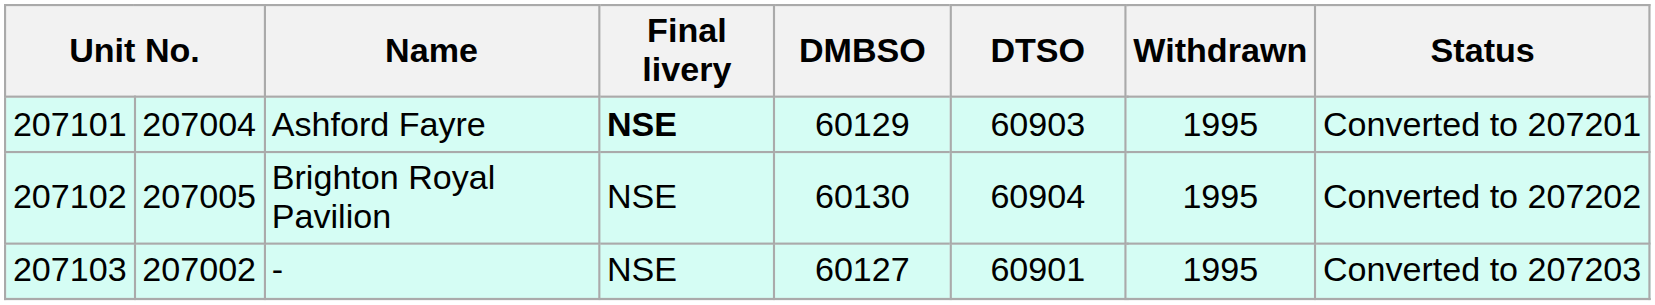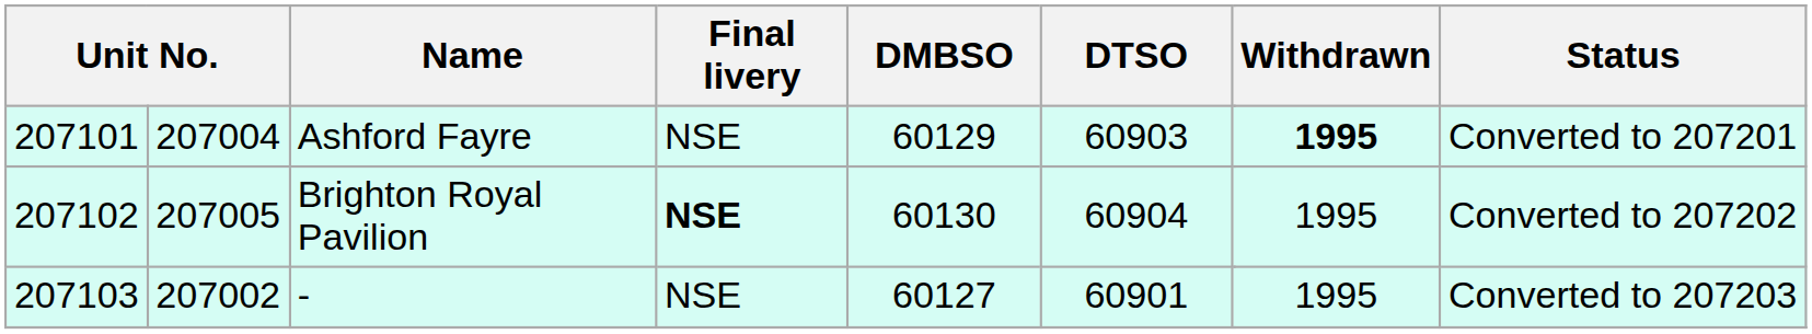 <table class="wikitable">
 <tr>
 <th colspan=2>Unit No.</th>
 <th width=150 align=left>Name</th>
 <th width=75 align=left>Final livery</th>
 <th width=75 colspan=3>DMBSO</th>
 <th width=75 colspan=3>DTSO</th>
 <th align=left>Withdrawn</th>
 <th width=150 align=left>Status</th>
 </tr>
 <tr>
 <td width=50 style="background-color:#d5fdf4" align=center>207101</td>
 <td width=50 style="background-color:#d5fdf4" align=center>207004</td>
 <td style="background-color:#d5fdf4" align=left>Ashford Fayre</td>
-<td style="background-color:#d5fdf4"><strong>NSE</strong></td>
+<td style="background-color:#d5fdf4">NSE</td>
 <td style="background-color:#d5fdf4" align=center colspan=3>60129</td>
 <td style="background-color:#d5fdf4" align=center colspan=3>60903</td>
-<td style="background-color:#d5fdf4" align=center>1995</td>
+<td style="background-color:#d5fdf4" align=center><strong>1995</strong></td>
 <td style="background-color:#d5fdf4" align=left>Converted to 207201</td>
 </tr>
 <tr>
 <td style="background-color:#d5fdf4" align=center>207102</td>
 <td style="background-color:#d5fdf4" align=center>207005</td>
 <td style="background-color:#d5fdf4" align=left>Brighton Royal Pavilion</td>
-<td style="background-color:#d5fdf4">NSE</td>
+<td style="background-color:#d5fdf4"><strong>NSE</strong></td>
 <td style="background-color:#d5fdf4" align=center colspan=3>60130</td>
 <td style="background-color:#d5fdf4" align=center colspan=3>60904</td>
 <td style="background-color:#d5fdf4" align=center>1995</td>
 <td style="background-color:#d5fdf4" align=left>Converted to 207202</td>
 </tr>
 <tr>
 <td style="background-color:#d5fdf4" align=center>207103</td>
 <td style="background-color:#d5fdf4" align=center>207002</td>
 <td style="background-color:#d5fdf4" align=left>-</td>
 <td style="background-color:#d5fdf4">NSE</td>
 <td style="background-color:#d5fdf4" align=center colspan=3>60127</td>
 <td style="background-color:#d5fdf4" align=center colspan=3>60901</td>
 <td style="background-color:#d5fdf4" align=center>1995</td>
 <td style="background-color:#d5fdf4" align=left>Converted to 207203</td>
 </tr>
 <tr>
 </tr>
 </table>
